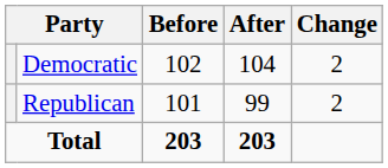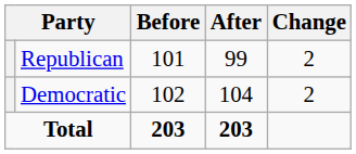 <table class="wikitable" style="text-align:center;">
 <tr>
 <th colspan="2">Party</th>
 <th>Before</th>
 <th>After</th>
 <th>Change</th>
 </tr>
 <tr>
 <th style="background-color:"></th>
-<td style="text-align:left;"><a href='#'>Democratic</a></td>
-<td>102</td>
-<td>104</td>
+<td style="text-align:left;"><a href='#'>Republican</a></td>
+<td>101</td>
+<td>99</td>
 <td> 2</td>
 </tr>
 <tr>
 <th style="background-color:"></th>
-<td style="text-align:left;"><a href='#'>Republican</a></td>
-<td>101</td>
-<td>99</td>
+<td style="text-align:left;"><a href='#'>Democratic</a></td>
+<td>102</td>
+<td>104</td>
 <td> 2</td>
 </tr>
 <tr>
 <td colspan="2"><strong>Total</strong></td>
 <td><strong>203</strong></td>
 <td><strong>203</strong></td>
 <td></td>
 </tr>
 </table>
